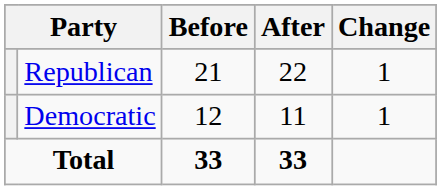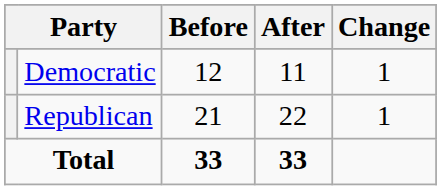 <table class="wikitable" style="text-align:center;">
 <tr>
 <th colspan="2">Party</th>
 <th>Before</th>
 <th>After</th>
 <th>Change</th>
 </tr>
 <tr>
 <th style="background-color:"></th>
-<td style="text-align:left;"><a href='#'>Republican</a></td>
-<td>21</td>
-<td>22</td>
+<td style="text-align:left;"><a href='#'>Democratic</a></td>
+<td>12</td>
+<td>11</td>
 <td> 1</td>
 </tr>
 <tr>
 <th style="background-color:"></th>
-<td style="text-align:left;"><a href='#'>Democratic</a></td>
-<td>12</td>
-<td>11</td>
+<td style="text-align:left;"><a href='#'>Republican</a></td>
+<td>21</td>
+<td>22</td>
 <td> 1</td>
 </tr>
 <tr>
 <td colspan="2"><strong>Total</strong></td>
 <td><strong>33</strong></td>
 <td><strong>33</strong></td>
 <td></td>
 </tr>
 </table>
